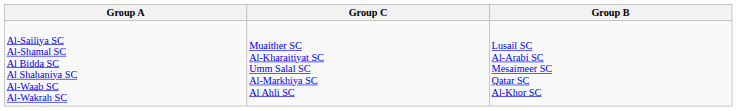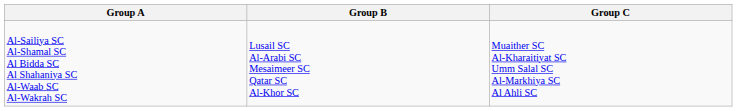 <table class="wikitable" width=90%>
 <tr>
 <th width=20%>Group A</th>
+<th width=20%>Group B</th>
 <th width=20%>Group C</th>
-<th width=20%>Group B</th>
 </tr>
 <tr>
 <td><br><a href='#'>Al-Sailiya SC</a> <br> <a href='#'>Al-Shamal SC</a> <br> <a href='#'>Al Bidda SC</a> <br> <a href='#'>Al Shahaniya SC</a> <br> <a href='#'>Al-Waab SC</a> <br> <a href='#'>Al-Wakrah SC</a> <br></td>
+<td><br><a href='#'>Lusail SC</a> <br> <a href='#'>Al-Arabi SC</a> <br> <a href='#'>Mesaimeer SC</a> <br> <a href='#'>Qatar SC</a> <br> <a href='#'>Al-Khor SC</a> <br></td>
 <td><br><a href='#'>Muaither SC</a> <br> <a href='#'>Al-Kharaitiyat SC</a> <br> <a href='#'>Umm Salal SC</a> <br> <a href='#'>Al-Markhiya SC</a> <br> <a href='#'>Al Ahli SC</a> <br></td>
-<td><br><a href='#'>Lusail SC</a> <br> <a href='#'>Al-Arabi SC</a> <br> <a href='#'>Mesaimeer SC</a> <br> <a href='#'>Qatar SC</a> <br> <a href='#'>Al-Khor SC</a> <br></td>
 </tr>
 </table>
